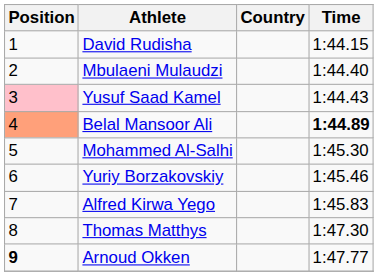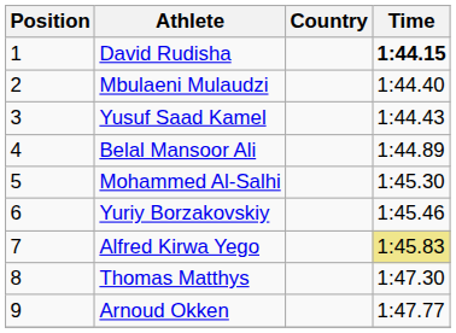 <table class="wikitable">
 <tr>
 <th>Position</th>
 <th>Athlete</th>
 <th>Country</th>
 <th>Time</th>
 </tr>
 <tr>
 <td>1</td>
 <td><a href='#'>David Rudisha</a></td>
 <td></td>
-<td>1:44.15</td>
+<td><strong>1:44.15</strong></td>
 </tr>
 <tr>
 <td>2</td>
 <td><a href='#'>Mbulaeni Mulaudzi</a></td>
 <td></td>
 <td>1:44.40</td>
 </tr>
 <tr>
-<td style="background: pink;">3</td>
+<td>3</td>
 <td><a href='#'>Yusuf Saad Kamel</a></td>
 <td></td>
 <td>1:44.43</td>
 </tr>
 <tr>
-<td style="background: lightsalmon;">4</td>
+<td>4</td>
 <td><a href='#'>Belal Mansoor Ali</a></td>
 <td></td>
-<td><strong>1:44.89</strong></td>
+<td>1:44.89</td>
 </tr>
 <tr>
 <td>5</td>
 <td><a href='#'>Mohammed Al-Salhi</a></td>
 <td></td>
 <td>1:45.30</td>
 </tr>
 <tr>
 <td>6</td>
 <td><a href='#'>Yuriy Borzakovskiy</a></td>
 <td></td>
 <td>1:45.46</td>
 </tr>
 <tr>
 <td>7</td>
 <td><a href='#'>Alfred Kirwa Yego</a></td>
 <td></td>
-<td>1:45.83</td>
+<td style="background: khaki;">1:45.83</td>
 </tr>
 <tr>
 <td>8</td>
 <td><a href='#'>Thomas Matthys</a></td>
 <td></td>
 <td>1:47.30</td>
 </tr>
 <tr>
-<td><strong>9</strong></td>
+<td>9</td>
 <td><a href='#'>Arnoud Okken</a></td>
 <td></td>
 <td>1:47.77</td>
 </tr>
 <tr>
 </tr>
 <tr || >
 </tr>
 </table>
